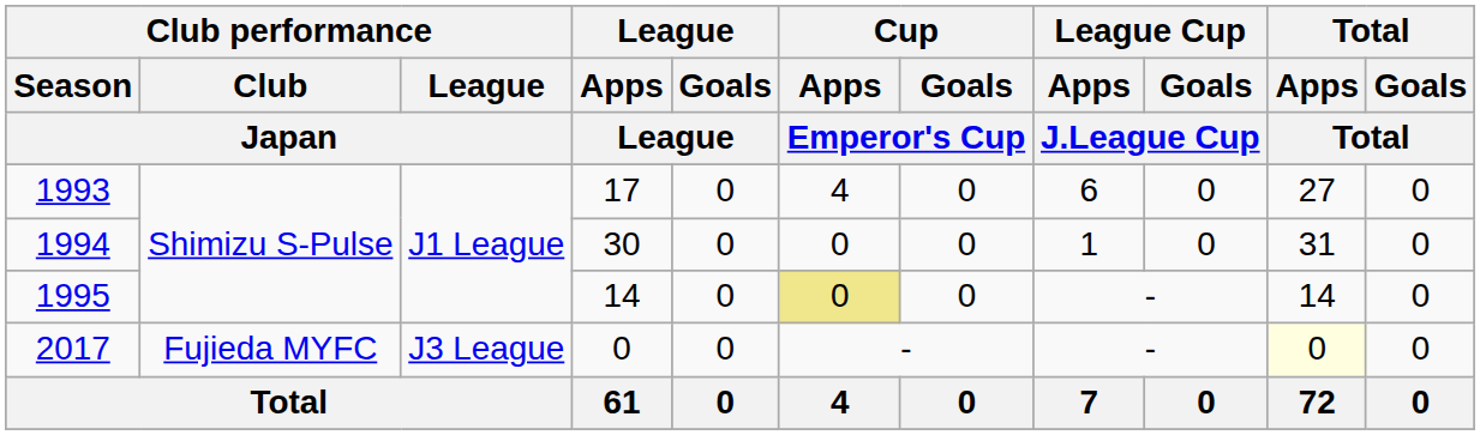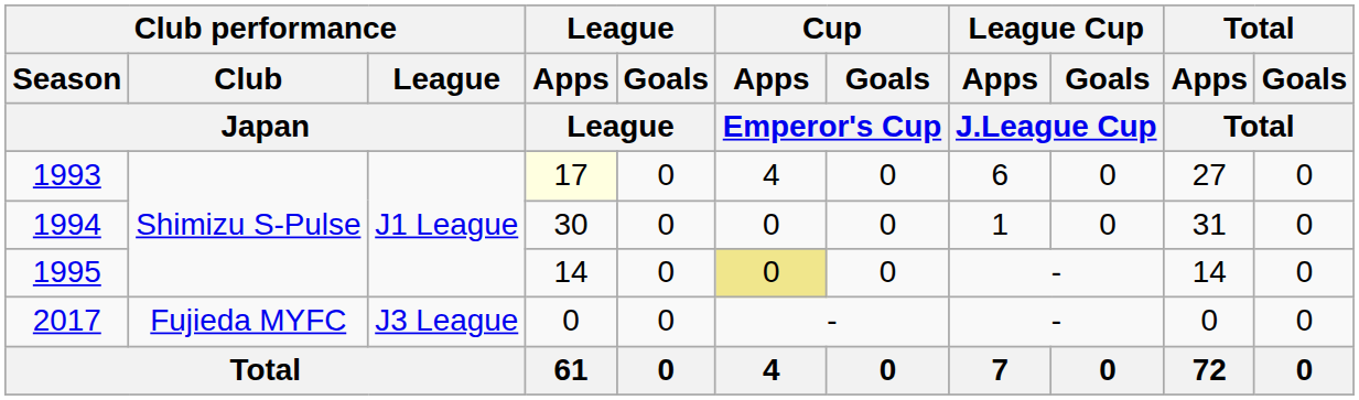 <table class="wikitable" style="text-align:center;">
 <tr>
 <th colspan=3>Club performance</th>
 <th colspan=2>League</th>
 <th colspan=2>Cup</th>
 <th colspan=2>League Cup</th>
 <th colspan=2>Total</th>
 </tr>
 <tr>
 <th>Season</th>
 <th>Club</th>
 <th>League</th>
 <th>Apps</th>
 <th>Goals</th>
 <th>Apps</th>
 <th>Goals</th>
 <th>Apps</th>
 <th>Goals</th>
 <th>Apps</th>
 <th>Goals</th>
 </tr>
 <tr>
 <th colspan=3>Japan</th>
 <th colspan=2>League</th>
 <th colspan=2><a href='#'>Emperor's Cup</a></th>
 <th colspan=2><a href='#'>J.League Cup</a></th>
 <th colspan=2>Total</th>
 </tr>
 <tr>
 <td><a href='#'>1993</a></td>
 <td rowspan="3"><a href='#'>Shimizu S-Pulse</a></td>
 <td rowspan="3"><a href='#'>J1 League</a></td>
-<td>17</td>
+<td style="background: lightyellow;">17</td>
 <td>0</td>
 <td>4</td>
 <td>0</td>
 <td>6</td>
 <td>0</td>
 <td>27</td>
 <td>0</td>
 </tr>
 <tr>
 <td><a href='#'>1994</a></td>
 <td>30</td>
 <td>0</td>
 <td>0</td>
 <td>0</td>
 <td>1</td>
 <td>0</td>
 <td>31</td>
 <td>0</td>
 </tr>
 <tr>
 <td><a href='#'>1995</a></td>
 <td>14</td>
 <td>0</td>
 <td style="background: khaki;">0</td>
 <td>0</td>
 <td colspan="2">-</td>
 <td>14</td>
 <td>0</td>
 </tr>
 <tr>
 <td><a href='#'>2017</a></td>
 <td><a href='#'>Fujieda MYFC</a></td>
 <td><a href='#'>J3 League</a></td>
 <td>0</td>
 <td>0</td>
 <td colspan="2">-</td>
 <td colspan="2">-</td>
-<td style="background: lightyellow;">0</td>
+<td>0</td>
 <td>0</td>
 </tr>
 <tr>
 <th colspan=3>Total</th>
 <th>61</th>
 <th>0</th>
 <th>4</th>
 <th>0</th>
 <th>7</th>
 <th>0</th>
 <th>72</th>
 <th>0</th>
 </tr>
 </table>
